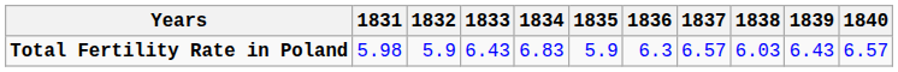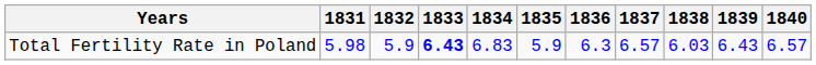 <table class="wikitable " style="text-align:right">
 <tr>
 <th>Years</th>
 <th>1831</th>
 <th>1832</th>
 <th>1833</th>
 <th>1834</th>
 <th>1835</th>
 <th>1836</th>
 <th>1837</th>
 <th>1838</th>
 <th>1839</th>
 <th>1840</th>
 </tr>
 <tr>
-<td align="left"><strong>Total Fertility Rate in Poland</strong></td>
+<td align="left">Total Fertility Rate in Poland</td>
 <td style="text-align:right; color:blue;">5.98</td>
 <td style="text-align:right; color:blue;">5.9</td>
-<td style="text-align:right; color:blue;">6.43</td>
+<td style="text-align:right; color:blue;"><strong>6.43</strong></td>
 <td style="text-align:right; color:blue;">6.83</td>
 <td style="text-align:right; color:blue;">5.9</td>
 <td style="text-align:right; color:blue;">6.3</td>
 <td style="text-align:right; color:blue;">6.57</td>
 <td style="text-align:right; color:blue;">6.03</td>
 <td style="text-align:right; color:blue;">6.43</td>
 <td style="text-align:right; color:blue;">6.57</td>
 </tr>
 </table>
